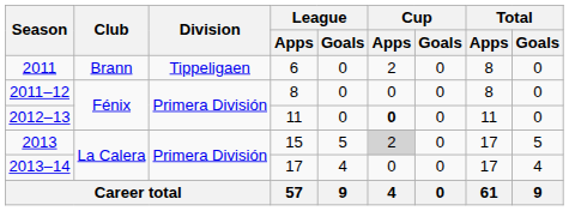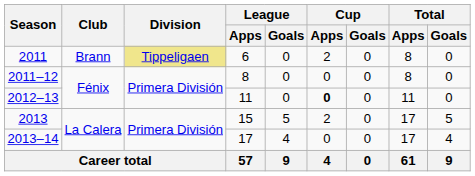 <table class="wikitable" style="text-align: center;">
 <tr>
 <th rowspan="2">Season</th>
 <th rowspan="2">Club</th>
 <th rowspan="2">Division</th>
 <th colspan="2">League</th>
 <th colspan="2">Cup</th>
 <th colspan="2">Total</th>
 </tr>
 <tr>
 <th>Apps</th>
 <th>Goals</th>
 <th>Apps</th>
 <th>Goals</th>
 <th>Apps</th>
 <th>Goals</th>
 </tr>
 <tr>
 <td><a href='#'>2011</a></td>
 <td rowspan="1" valign="center"><a href='#'>Brann</a></td>
-<td><a href='#'>Tippeligaen</a></td>
+<td style="background: khaki;"><a href='#'>Tippeligaen</a></td>
 <td>6</td>
 <td>0</td>
 <td>2</td>
 <td>0</td>
 <td>8</td>
 <td>0</td>
 </tr>
 <tr>
 <td><a href='#'>2011–12</a></td>
 <td rowspan="2" valign="center"><a href='#'>Fénix</a></td>
 <td rowspan="2" valign="center"><a href='#'>Primera División</a></td>
 <td>8</td>
 <td>0</td>
 <td>0</td>
 <td>0</td>
 <td>8</td>
 <td>0</td>
 </tr>
 <tr>
 <td><a href='#'>2012–13</a></td>
 <td>11</td>
 <td>0</td>
 <td><strong>0</strong></td>
 <td>0</td>
 <td>11</td>
 <td>0</td>
 </tr>
 <tr>
 <td><a href='#'>2013</a></td>
 <td rowspan="2" valign="center"><a href='#'>La Calera</a></td>
 <td rowspan="2" valign="center"><a href='#'>Primera División</a></td>
 <td>15</td>
 <td>5</td>
-<td style="background: lightgrey;">2</td>
+<td>2</td>
 <td>0</td>
 <td>17</td>
 <td>5</td>
 </tr>
 <tr>
 <td><a href='#'>2013–14</a></td>
 <td>17</td>
 <td>4</td>
 <td>0</td>
 <td>0</td>
 <td>17</td>
 <td>4</td>
 </tr>
 <tr>
 <th colspan="3">Career total</th>
 <th>57</th>
 <th>9</th>
 <th>4</th>
 <th>0</th>
 <th>61</th>
 <th>9</th>
 </tr>
 </table>
